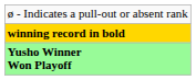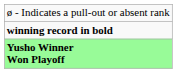 <table class="wikitable">
 <tr>
 <td>ø - Indicates a pull-out or absent rank</td>
 </tr>
 <tr>
-<td style="background: gold;"><strong>winning record in bold</strong></td>
+<td><strong>winning record in bold</strong></td>
 </tr>
 <tr>
 <td style="background: PaleGreen;"><strong>Yusho Winner</strong><br><strong>Won  Playoff</strong></td>
 </tr>
 </table>
